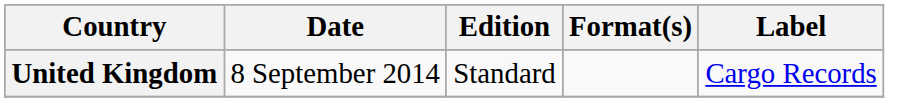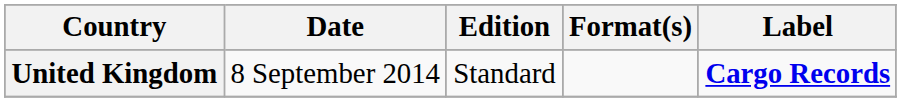 <table class="wikitable plainrowheaders">
 <tr>
 <th scope="col">Country</th>
 <th scope="col">Date</th>
 <th scope="col">Edition</th>
 <th scope="col">Format(s)</th>
 <th scope="col">Label</th>
 </tr>
 <tr>
 <th scope="row">United Kingdom</th>
 <td>8 September 2014</td>
 <td>Standard</td>
 <td></td>
-<td><a href='#'>Cargo Records</a></td>
+<td><strong><a href='#'>Cargo Records</a></strong></td>
 </tr>
 <tr>
 </tr>
 </table>
